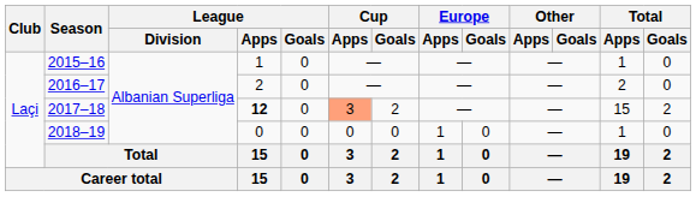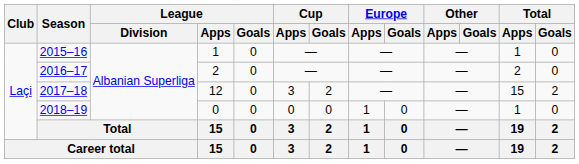 <table class="wikitable" style="text-align:center">
 <tr>
 <th rowspan="2">Club</th>
 <th rowspan="2">Season</th>
 <th colspan="3">League</th>
 <th colspan="2">Cup</th>
 <th colspan="2"><a href='#'>Europe</a></th>
 <th colspan="2">Other</th>
 <th colspan="2">Total</th>
 </tr>
 <tr>
 <th>Division</th>
 <th>Apps</th>
 <th>Goals</th>
 <th>Apps</th>
 <th>Goals</th>
 <th>Apps</th>
 <th>Goals</th>
 <th>Apps</th>
 <th>Goals</th>
 <th>Apps</th>
 <th>Goals</th>
 </tr>
 <tr>
 <td rowspan="5" valign="center"><a href='#'>Laçi</a></td>
 <td><a href='#'>2015–16</a></td>
 <td rowspan="4"><a href='#'>Albanian Superliga</a></td>
 <td>1</td>
 <td>0</td>
 <td colspan="2">—</td>
 <td colspan="2">—</td>
 <td colspan="2">—</td>
 <td>1</td>
 <td>0</td>
 </tr>
 <tr>
 <td><a href='#'>2016–17</a></td>
 <td>2</td>
 <td>0</td>
 <td colspan="2">—</td>
 <td colspan="2">—</td>
 <td colspan="2">—</td>
 <td>2</td>
 <td>0</td>
 </tr>
 <tr>
 <td><a href='#'>2017–18</a></td>
-<td><strong>12</strong></td>
+<td>12</td>
 <td>0</td>
-<td style="background: lightsalmon;">3</td>
+<td>3</td>
 <td>2</td>
 <td colspan="2">—</td>
 <td colspan="2">—</td>
 <td>15</td>
 <td>2</td>
 </tr>
 <tr>
 <td><a href='#'>2018–19</a></td>
 <td>0</td>
 <td>0</td>
 <td>0</td>
 <td>0</td>
 <td>1</td>
 <td>0</td>
 <td colspan="2">—</td>
 <td>1</td>
 <td>0</td>
 </tr>
 <tr>
 <th colspan="2" valign="center">Total</th>
 <th>15</th>
 <th>0</th>
 <th>3</th>
 <th>2</th>
 <th>1</th>
 <th>0</th>
 <th colspan="2">—</th>
 <th>19</th>
 <th>2</th>
 </tr>
 <tr>
 <th colspan="3">Career total</th>
 <th>15</th>
 <th>0</th>
 <th>3</th>
 <th>2</th>
 <th>1</th>
 <th>0</th>
 <th colspan="2">—</th>
 <th>19</th>
 <th>2</th>
 </tr>
 </table>
